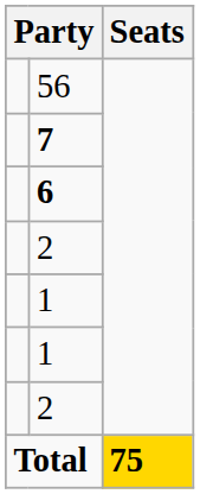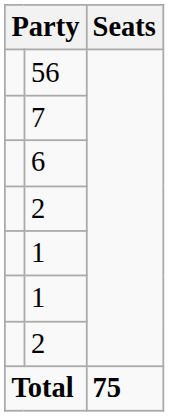 <table class="wikitable">
 <tr>
 <th colspan=2>Party</th>
 <th>Seats</th>
 </tr>
 <tr>
 <td></td>
 <td>56</td>
 </tr>
 <tr>
 <td></td>
-<td><strong>7</strong></td>
+<td>7</td>
 </tr>
 <tr>
 <td></td>
-<td><strong>6</strong></td>
+<td>6</td>
 </tr>
 <tr>
 <td></td>
 <td>2</td>
 </tr>
 <tr>
 <td></td>
 <td>1</td>
 </tr>
 <tr>
 <td></td>
 <td>1</td>
 </tr>
 <tr>
 <td></td>
 <td>2</td>
 </tr>
 <tr>
 <td colspan="2"><strong>Total</strong></td>
-<td style="background: gold;"><strong>75</strong></td>
+<td><strong>75</strong></td>
 </tr>
 </table>
